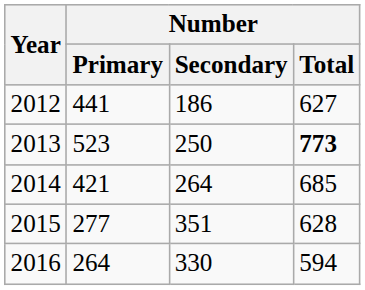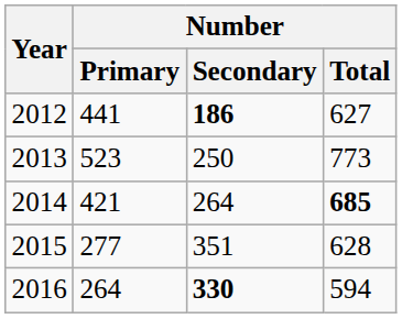 <table class="wikitable sortable">
 <tr>
 <th rowspan="2">Year</th>
 <th colspan="3">Number</th>
 </tr>
 <tr>
 <th>Primary</th>
 <th>Secondary</th>
 <th>Total</th>
 </tr>
 <tr>
 <td>2012</td>
 <td>441</td>
-<td>186</td>
+<td><strong>186</strong></td>
 <td>627</td>
 </tr>
 <tr>
 <td>2013</td>
 <td>523</td>
 <td>250</td>
-<td><strong>773</strong></td>
+<td>773</td>
 </tr>
 <tr>
 <td>2014</td>
 <td>421</td>
 <td>264</td>
-<td>685</td>
+<td><strong>685</strong></td>
 </tr>
 <tr>
 <td>2015</td>
 <td>277</td>
 <td>351</td>
 <td>628</td>
 </tr>
 <tr>
 <td>2016</td>
 <td>264</td>
-<td>330</td>
+<td><strong>330</strong></td>
 <td>594</td>
 </tr>
 </table>
